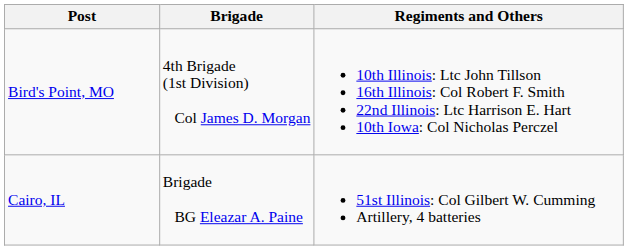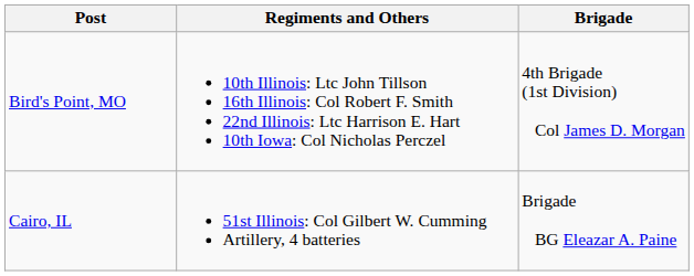 <table class="wikitable">
 <tr>
 <th width=25%>Post</th>
+<th>Regiments and Others</th>
 <th width=25%>Brigade</th>
-<th>Regiments and Others</th>
 </tr>
 <tr>
 <td rowspan=1><br><a href='#'>Bird's Point, MO</a> <br>    </td>
+<td><br><ul><li><a href='#'>10th Illinois</a>: Ltc John Tillson</li><li><a href='#'>16th Illinois</a>: Col Robert F. Smith</li><li><a href='#'>22nd Illinois</a>: Ltc Harrison E. Hart</li><li><a href='#'>10th Iowa</a>: Col Nicholas Perczel</li></ul></td>
 <td>4th Brigade<br>(1st Division)<br><br>   Col <a href='#'>James D. Morgan</a></td>
-<td><br><ul><li><a href='#'>10th Illinois</a>: Ltc John Tillson</li><li><a href='#'>16th Illinois</a>: Col Robert F. Smith</li><li><a href='#'>22nd Illinois</a>: Ltc Harrison E. Hart</li><li><a href='#'>10th Iowa</a>: Col Nicholas Perczel</li></ul></td>
 </tr>
 <tr>
 <td rowspan=1><br><a href='#'>Cairo, IL</a> <br>    </td>
+<td><br><ul><li><a href='#'>51st Illinois</a>: Col Gilbert W. Cumming</li><li>Artillery, 4 batteries</li></ul></td>
 <td>Brigade<br><br>   BG <a href='#'>Eleazar A. Paine</a></td>
-<td><br><ul><li><a href='#'>51st Illinois</a>: Col Gilbert W. Cumming</li><li>Artillery, 4 batteries</li></ul></td>
 </tr>
 </table>
